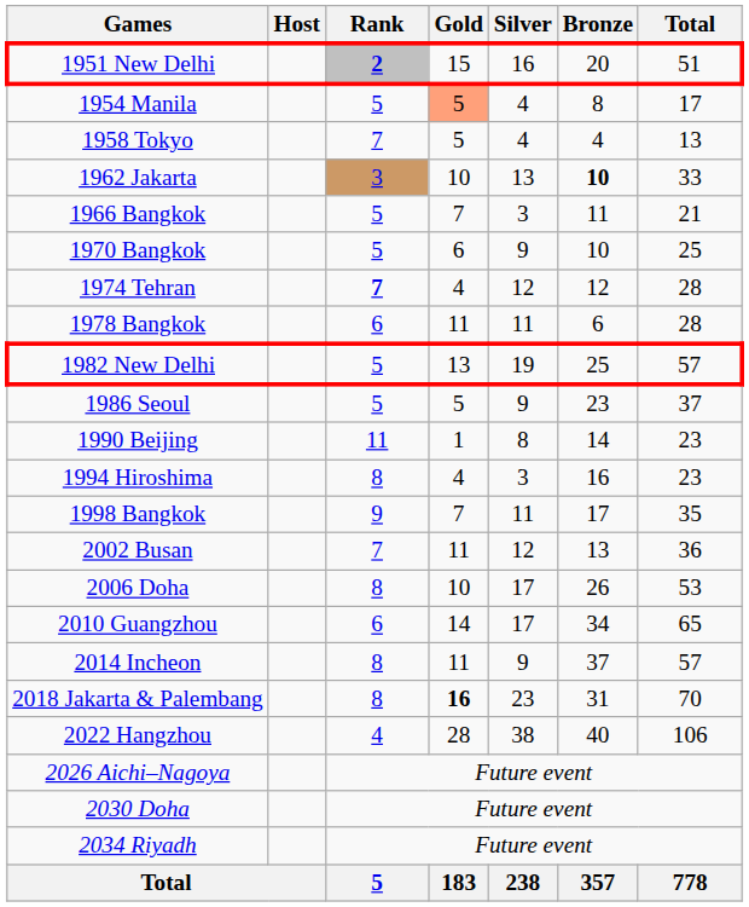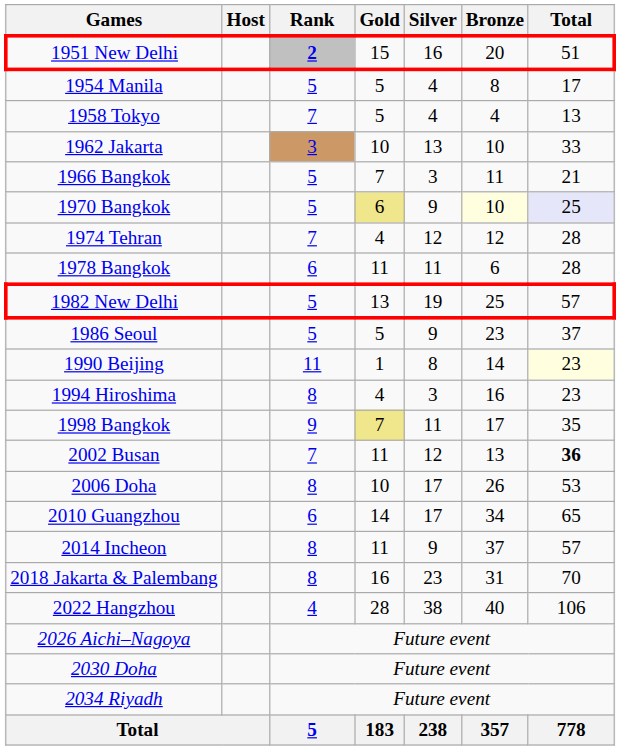 <table class="wikitable sortable" style="margin-top:0em; text-align:center; font-size:100%;">
 <tr>
 <th>Games</th>
 <th>Host</th>
 <th style="width:4em;">Rank<br></th>
 <th> Gold</th>
 <th> Silver</th>
 <th> Bronze</th>
 <th style="width:4em;">Total</th>
 </tr>
 <tr style="border: 3px solid red">
 <td><a href='#'>1951 New Delhi</a></td>
 <td></td>
 <td bgcolor=silver><strong><a href='#'>2</a></strong></td>
 <td>15</td>
 <td>16</td>
 <td>20</td>
 <td>51</td>
 </tr>
 <tr>
 <td><a href='#'>1954 Manila</a></td>
 <td></td>
 <td><a href='#'>5</a></td>
-<td style="background: lightsalmon;">5</td>
+<td>5</td>
 <td>4</td>
 <td>8</td>
 <td>17</td>
 </tr>
 <tr>
 <td><a href='#'>1958 Tokyo</a></td>
 <td></td>
 <td><a href='#'>7</a></td>
 <td>5</td>
 <td>4</td>
 <td>4</td>
 <td>13</td>
 </tr>
 <tr>
 <td><a href='#'>1962 Jakarta</a></td>
 <td></td>
 <td bgcolor=cc9966><a href='#'>3</a></td>
 <td>10</td>
 <td>13</td>
-<td><strong>10</strong></td>
+<td>10</td>
 <td>33</td>
 </tr>
 <tr>
 <td><a href='#'>1966 Bangkok</a></td>
 <td></td>
 <td><a href='#'>5</a></td>
 <td>7</td>
 <td>3</td>
 <td>11</td>
 <td>21</td>
 </tr>
 <tr>
 <td><a href='#'>1970 Bangkok</a></td>
 <td></td>
 <td><a href='#'>5</a></td>
-<td>6</td>
+<td style="background: khaki;">6</td>
 <td>9</td>
-<td>10</td>
-<td>25</td>
+<td style="background: lightyellow;">10</td>
+<td style="background: lavender;">25</td>
 </tr>
 <tr>
 <td><a href='#'>1974 Tehran</a></td>
 <td></td>
-<td><strong><a href='#'>7</a></strong></td>
+<td><a href='#'>7</a></td>
 <td>4</td>
 <td>12</td>
 <td>12</td>
 <td>28</td>
 </tr>
 <tr>
 <td><a href='#'>1978 Bangkok</a></td>
 <td></td>
 <td><a href='#'>6</a></td>
 <td>11</td>
 <td>11</td>
 <td>6</td>
 <td>28</td>
 </tr>
 <tr style="border: 3px solid red">
 <td><a href='#'>1982 New Delhi</a></td>
 <td></td>
 <td><a href='#'>5</a></td>
 <td>13</td>
 <td>19</td>
 <td>25</td>
 <td>57</td>
 </tr>
 <tr>
 <td><a href='#'>1986 Seoul</a></td>
 <td></td>
 <td><a href='#'>5</a></td>
 <td>5</td>
 <td>9</td>
 <td>23</td>
 <td>37</td>
 </tr>
 <tr>
 <td><a href='#'>1990 Beijing</a></td>
 <td></td>
 <td><a href='#'>11</a></td>
 <td>1</td>
 <td>8</td>
 <td>14</td>
-<td>23</td>
+<td style="background: lightyellow;">23</td>
 </tr>
 <tr>
 <td><a href='#'>1994 Hiroshima</a></td>
 <td></td>
 <td><a href='#'>8</a></td>
 <td>4</td>
 <td>3</td>
 <td>16</td>
 <td>23</td>
 </tr>
 <tr>
 <td><a href='#'>1998 Bangkok</a></td>
 <td></td>
 <td><a href='#'>9</a></td>
-<td>7</td>
+<td style="background: khaki;">7</td>
 <td>11</td>
 <td>17</td>
 <td>35</td>
 </tr>
 <tr>
 <td><a href='#'>2002 Busan</a></td>
 <td></td>
 <td><a href='#'>7</a></td>
 <td>11</td>
 <td>12</td>
 <td>13</td>
-<td>36</td>
+<td><strong>36</strong></td>
 </tr>
 <tr>
 <td><a href='#'>2006 Doha</a></td>
 <td></td>
 <td><a href='#'>8</a></td>
 <td>10</td>
 <td>17</td>
 <td>26</td>
 <td>53</td>
 </tr>
 <tr>
 <td><a href='#'>2010 Guangzhou</a></td>
 <td></td>
 <td><a href='#'>6</a></td>
 <td>14</td>
 <td>17</td>
 <td>34</td>
 <td>65</td>
 </tr>
 <tr>
 <td><a href='#'>2014 Incheon</a></td>
 <td></td>
 <td><a href='#'>8</a></td>
 <td>11</td>
 <td>9</td>
 <td>37</td>
 <td>57</td>
 </tr>
 <tr>
 <td><a href='#'>2018 Jakarta & Palembang</a></td>
 <td></td>
 <td><a href='#'>8</a></td>
-<td><strong>16</strong></td>
+<td>16</td>
 <td>23</td>
 <td>31</td>
 <td>70</td>
 </tr>
 <tr>
 <td><a href='#'>2022 Hangzhou</a></td>
 <td></td>
 <td><a href='#'>4</a></td>
 <td>28</td>
 <td>38</td>
 <td>40</td>
 <td>106</td>
 </tr>
 <tr>
 <td><em><a href='#'>2026 Aichi–Nagoya</a></em></td>
 <td></td>
 <td colspan=5><em>Future event</em></td>
 </tr>
 <tr>
 <td><em><a href='#'>2030 Doha</a></em></td>
 <td></td>
 <td colspan=5><em>Future event</em></td>
 </tr>
 <tr>
 <td><em><a href='#'>2034 Riyadh</a></em></td>
 <td></td>
 <td colspan=5><em>Future event</em></td>
 </tr>
 <tr>
 <th colspan=2>Total</th>
 <th><a href='#'>5</a></th>
 <th>183</th>
 <th>238</th>
 <th>357</th>
 <th>778</th>
 </tr>
 </table>
